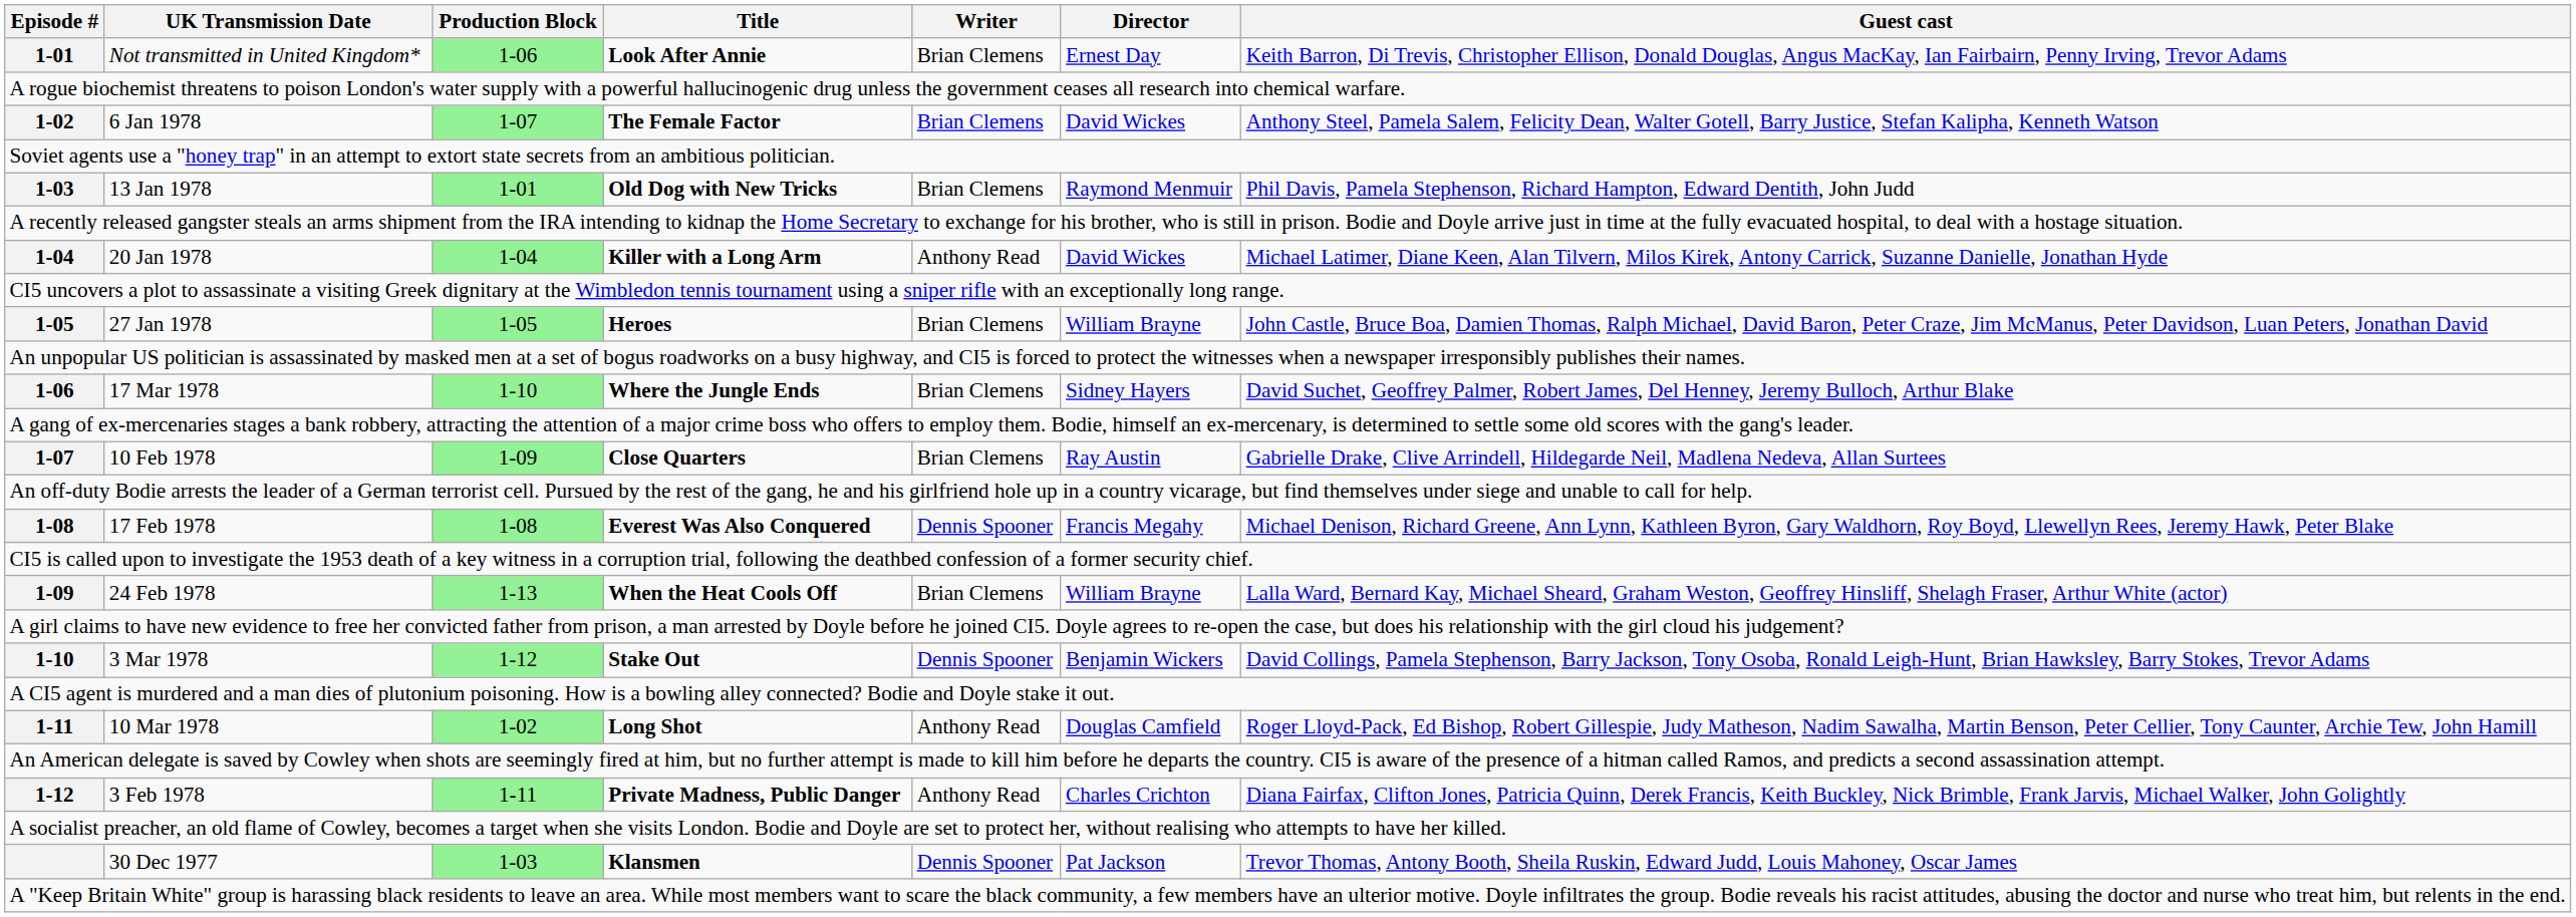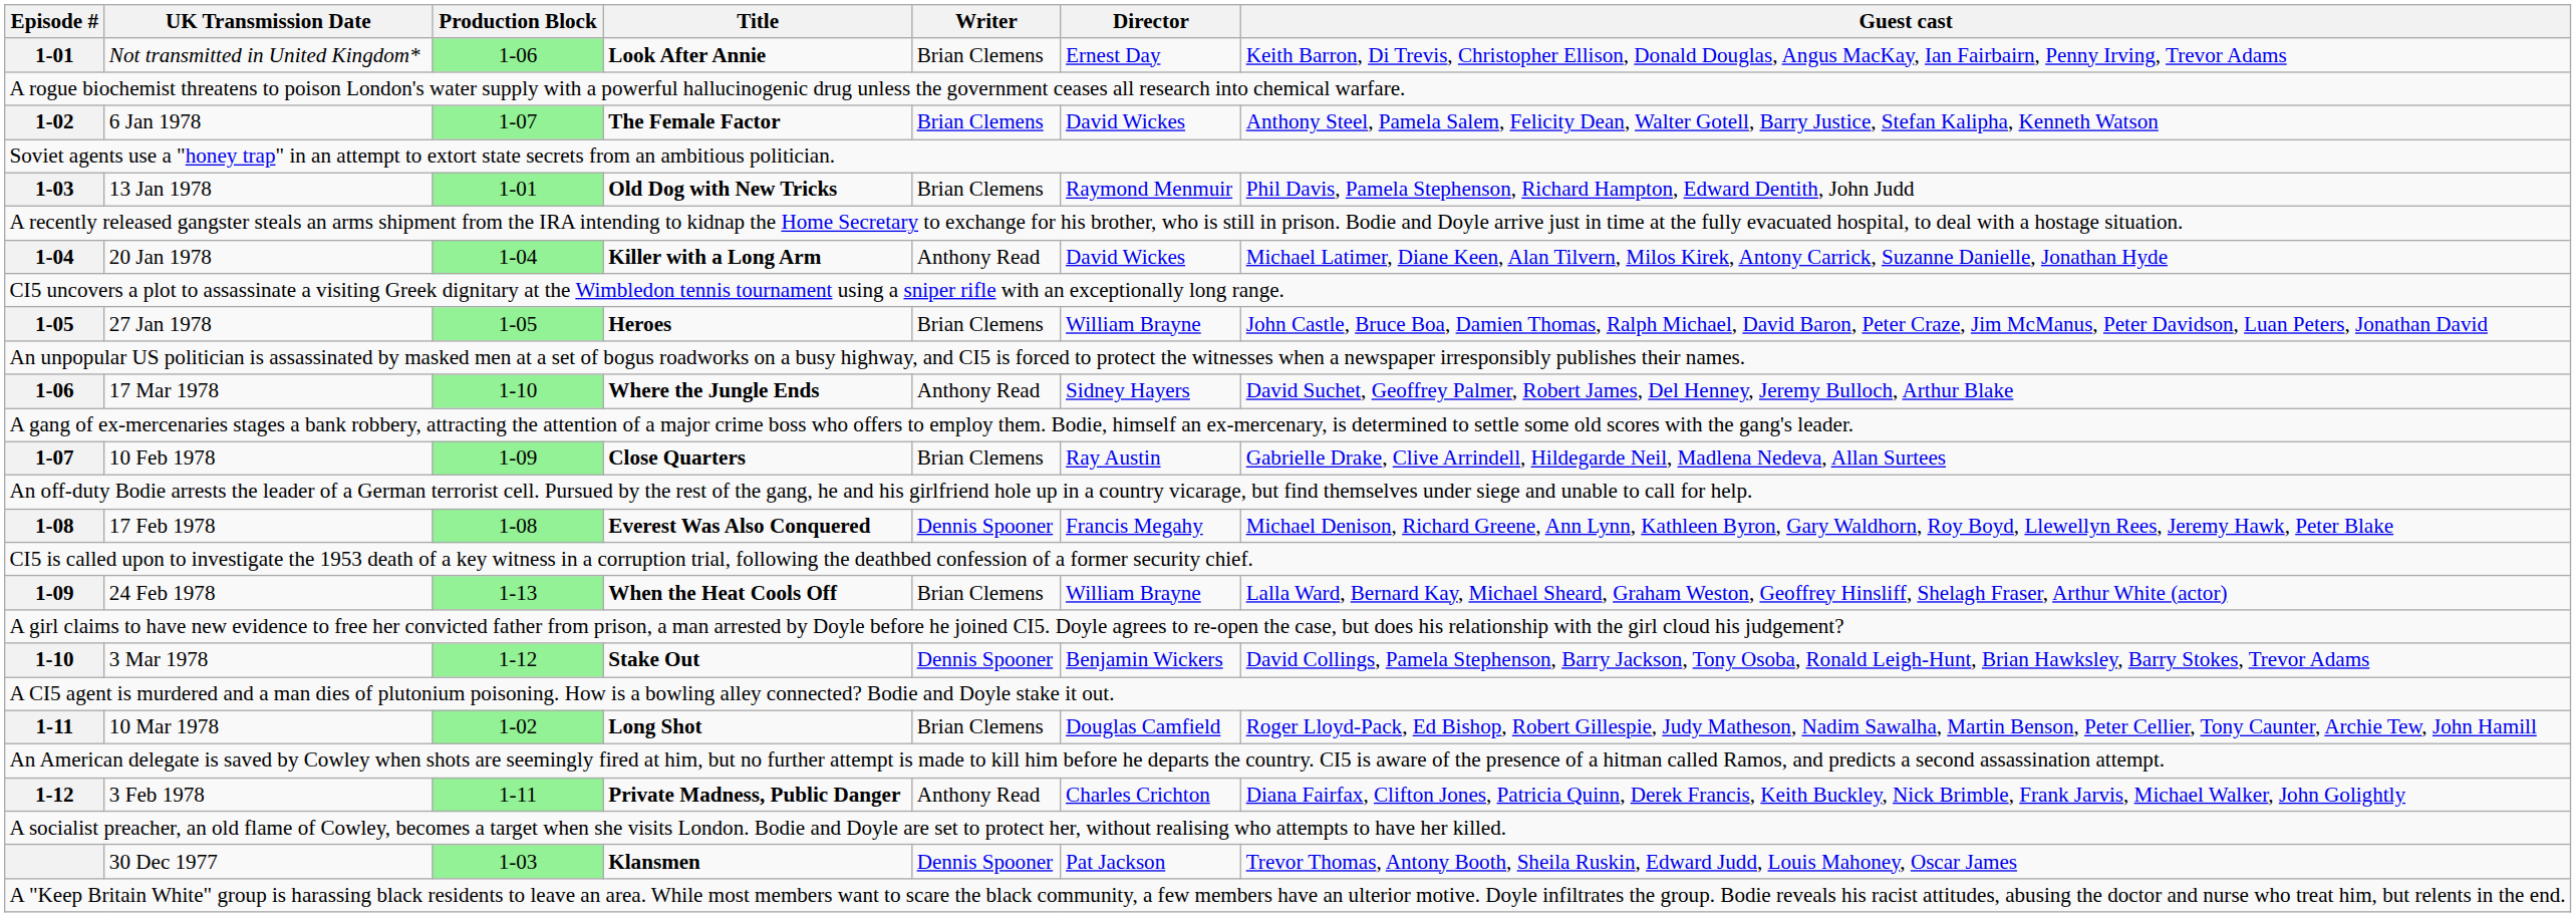 <table class="wikitable">
 <tr>
 <th>Episode #</th>
 <th>UK Transmission Date</th>
 <th>Production Block</th>
 <th>Title</th>
 <th>Writer</th>
 <th>Director</th>
 <th>Guest cast</th>
 </tr>
 <tr id="Private Madness, Public Danger"|ShortSummary=>
 <th style="text-align:center;">1-01</th>
 <td><em>Not transmitted in United Kingdom*</em></td>
 <td style="background: #92F295; text-align:center;">1-06</td>
 <td><strong>Look After Annie</strong></td>
 <td>Brian Clemens</td>
 <td><a href='#'>Ernest Day</a></td>
 <td><a href='#'>Keith Barron</a>, <a href='#'>Di Trevis</a>, <a href='#'>Christopher Ellison</a>, <a href='#'>Donald Douglas</a>, <a href='#'>Angus MacKay</a>, <a href='#'>Ian Fairbairn</a>, <a href='#'>Penny Irving</a>, <a href='#'>Trevor Adams</a></td>
 </tr>
 <tr>
 <td colspan=7>A rogue biochemist threatens to poison London's water supply with a powerful hallucinogenic drug unless the government ceases all research into chemical warfare.</td>
 </tr>
 <tr id="The Female Factor">
 <th style="text-align:center;">1-02</th>
 <td>6 Jan 1978</td>
 <td style="background: #92F295; text-align:center;">1-07</td>
 <td><strong>The Female Factor</strong></td>
 <td><a href='#'>Brian Clemens</a></td>
 <td><a href='#'>David Wickes</a></td>
 <td><a href='#'>Anthony Steel</a>, <a href='#'>Pamela Salem</a>, <a href='#'>Felicity Dean</a>, <a href='#'>Walter Gotell</a>, <a href='#'>Barry Justice</a>, <a href='#'>Stefan Kalipha</a>, <a href='#'>Kenneth Watson</a></td>
 </tr>
 <tr>
 <td colspan=7>Soviet agents use a "<a href='#'>honey trap</a>" in an attempt to extort state secrets from an ambitious politician.</td>
 </tr>
 <tr id="Old Dog with New Tricks">
 <th style="text-align:center;">1-03</th>
 <td>13 Jan 1978</td>
 <td style="background: #92F295; text-align:center;">1-01</td>
 <td><strong>Old Dog with New Tricks</strong></td>
 <td>Brian Clemens</td>
 <td><a href='#'>Raymond Menmuir</a></td>
 <td><a href='#'>Phil Davis</a>, <a href='#'>Pamela Stephenson</a>, <a href='#'>Richard Hampton</a>, <a href='#'>Edward Dentith</a>, John Judd</td>
 </tr>
 <tr>
 <td colspan=7>A recently released gangster steals an arms shipment from the IRA intending to kidnap the <a href='#'>Home Secretary</a> to exchange for his brother, who is still in prison. Bodie and Doyle arrive just in time at the fully evacuated hospital, to deal with a hostage situation.</td>
 </tr>
 <tr id="Killer with a Long Arm">
 <th style="text-align:center;">1-04</th>
 <td>20 Jan 1978</td>
 <td style="background: #92F295; text-align:center;">1-04</td>
 <td><strong>Killer with a Long Arm</strong></td>
 <td>Anthony Read</td>
 <td><a href='#'>David Wickes</a></td>
 <td><a href='#'>Michael Latimer</a>, <a href='#'>Diane Keen</a>, <a href='#'>Alan Tilvern</a>, <a href='#'>Milos Kirek</a>, <a href='#'>Antony Carrick</a>, <a href='#'>Suzanne Danielle</a>, <a href='#'>Jonathan Hyde</a></td>
 </tr>
 <tr>
 <td colspan=7>CI5 uncovers a plot to assassinate a visiting Greek dignitary at the <a href='#'>Wimbledon tennis tournament</a> using a <a href='#'>sniper rifle</a> with an exceptionally long range.</td>
 </tr>
 <tr id="Heroes">
 <th style="text-align:center;">1-05</th>
 <td>27 Jan 1978</td>
 <td style="background: #92F295; text-align:center;">1-05</td>
 <td><strong>Heroes</strong></td>
 <td>Brian Clemens</td>
 <td><a href='#'>William Brayne</a></td>
 <td><a href='#'>John Castle</a>, <a href='#'>Bruce Boa</a>, <a href='#'>Damien Thomas</a>, <a href='#'>Ralph Michael</a>, <a href='#'>David Baron</a>, <a href='#'>Peter Craze</a>, <a href='#'>Jim McManus</a>, <a href='#'>Peter Davidson</a>, <a href='#'>Luan Peters</a>, <a href='#'>Jonathan David</a></td>
 </tr>
 <tr>
 <td colspan=7>An unpopular US politician is assassinated by masked men at a set of bogus roadworks on a busy highway, and CI5 is forced to protect the witnesses when a newspaper irresponsibly publishes their names.</td>
 </tr>
 <tr id="Where the Jungle Ends">
 <th style="text-align:center;">1-06</th>
 <td>17 Mar 1978</td>
 <td style="background: #92F295; text-align:center;">1-10</td>
 <td><strong>Where the Jungle Ends</strong></td>
-<td>Brian Clemens</td>
+<td>Anthony Read</td>
 <td><a href='#'>Sidney Hayers</a></td>
 <td><a href='#'>David Suchet</a>, <a href='#'>Geoffrey Palmer</a>, <a href='#'>Robert James</a>, <a href='#'>Del Henney</a>, <a href='#'>Jeremy Bulloch</a>, <a href='#'>Arthur Blake</a></td>
 </tr>
 <tr>
 <td colspan=7>A gang of ex-mercenaries stages a bank robbery, attracting the attention of a major crime boss who offers to employ them. Bodie, himself an ex-mercenary, is determined to settle some old scores with the gang's leader.</td>
 </tr>
 <tr id="Close Quarters">
 <th style="text-align:center;">1-07</th>
 <td>10 Feb 1978</td>
 <td style="background: #92F295; text-align:center;">1-09</td>
 <td><strong>Close Quarters</strong></td>
 <td>Brian Clemens</td>
 <td><a href='#'>Ray Austin</a></td>
 <td><a href='#'>Gabrielle Drake</a>, <a href='#'>Clive Arrindell</a>, <a href='#'>Hildegarde Neil</a>, <a href='#'>Madlena Nedeva</a>, <a href='#'>Allan Surtees</a></td>
 </tr>
 <tr>
 <td colspan=7>An off-duty Bodie arrests the leader of a German terrorist cell. Pursued by the rest of the gang, he and his girlfriend hole up in a country vicarage, but find themselves under siege and unable to call for help.</td>
 </tr>
 <tr id="Everest Was Also Conquered">
 <th style="text-align:center;">1-08</th>
 <td>17 Feb 1978</td>
 <td style="background: #92F295; text-align:center;">1-08</td>
 <td><strong>Everest Was Also Conquered</strong></td>
 <td><a href='#'>Dennis Spooner</a></td>
 <td><a href='#'>Francis Megahy</a></td>
 <td><a href='#'>Michael Denison</a>, <a href='#'>Richard Greene</a>, <a href='#'>Ann Lynn</a>, <a href='#'>Kathleen Byron</a>, <a href='#'>Gary Waldhorn</a>, <a href='#'>Roy Boyd</a>, <a href='#'>Llewellyn Rees</a>, <a href='#'>Jeremy Hawk</a>, <a href='#'>Peter Blake</a></td>
 </tr>
 <tr>
 <td colspan=7>CI5 is called upon to investigate the 1953 death of a key witness in a corruption trial, following the deathbed confession of a former security chief.</td>
 </tr>
 <tr id="When the Heat Cools Off">
 <th style="text-align:center;">1-09</th>
 <td>24 Feb 1978</td>
 <td style="background: #92F295; text-align:center;">1-13</td>
 <td><strong>When the Heat Cools Off</strong></td>
 <td>Brian Clemens</td>
 <td><a href='#'>William Brayne</a></td>
 <td><a href='#'>Lalla Ward</a>, <a href='#'>Bernard Kay</a>, <a href='#'>Michael Sheard</a>, <a href='#'>Graham Weston</a>, <a href='#'>Geoffrey Hinsliff</a>, <a href='#'>Shelagh Fraser</a>, <a href='#'>Arthur White (actor)</a></td>
 </tr>
 <tr>
 <td colspan=7>A girl claims to have new evidence to free her convicted father from prison, a man arrested by Doyle before he joined CI5. Doyle agrees to re-open the case, but does his relationship with the girl cloud his judgement?</td>
 </tr>
 <tr id="Stake Out">
 <th style="text-align:center;">1-10</th>
 <td>3 Mar 1978</td>
 <td style="background: #92F295; text-align:center;">1-12</td>
 <td><strong>Stake Out</strong></td>
 <td><a href='#'>Dennis Spooner</a></td>
 <td><a href='#'>Benjamin Wickers</a></td>
 <td><a href='#'>David Collings</a>, <a href='#'>Pamela Stephenson</a>, <a href='#'>Barry Jackson</a>, <a href='#'>Tony Osoba</a>, <a href='#'>Ronald Leigh-Hunt</a>, <a href='#'>Brian Hawksley</a>, <a href='#'>Barry Stokes</a>, <a href='#'>Trevor Adams</a></td>
 </tr>
 <tr>
 <td colspan=7>A CI5 agent is murdered and a man dies of plutonium poisoning. How is a bowling alley connected? Bodie and Doyle stake it out.</td>
 </tr>
 <tr id="Long Shot">
 <th style="text-align:center;">1-11</th>
 <td>10 Mar 1978</td>
 <td style="background: #92F295; text-align:center;">1-02</td>
 <td><strong>Long Shot</strong></td>
-<td>Anthony Read</td>
+<td>Brian Clemens</td>
 <td><a href='#'>Douglas Camfield</a></td>
 <td><a href='#'>Roger Lloyd-Pack</a>, <a href='#'>Ed Bishop</a>, <a href='#'>Robert Gillespie</a>, <a href='#'>Judy Matheson</a>, <a href='#'>Nadim Sawalha</a>, <a href='#'>Martin Benson</a>, <a href='#'>Peter Cellier</a>, <a href='#'>Tony Caunter</a>, <a href='#'>Archie Tew</a>, <a href='#'>John Hamill</a></td>
 </tr>
 <tr>
 <td colspan=7>An American delegate is saved by Cowley when shots are seemingly fired at him, but no further attempt is made to kill him before he departs the country. CI5 is aware of the presence of a hitman called Ramos, and predicts a second assassination attempt.</td>
 </tr>
 <tr id="Look After Annie">
 <th style="text-align:center;">1-12</th>
 <td>3 Feb 1978</td>
 <td style="background: #92F295; text-align:center;">1-11</td>
 <td><strong>Private Madness, Public Danger</strong></td>
 <td>Anthony Read</td>
 <td><a href='#'>Charles Crichton</a></td>
 <td><a href='#'>Diana Fairfax</a>, <a href='#'>Clifton Jones</a>, <a href='#'>Patricia Quinn</a>, <a href='#'>Derek Francis</a>, <a href='#'>Keith Buckley</a>, <a href='#'>Nick Brimble</a>, <a href='#'>Frank Jarvis</a>, <a href='#'>Michael Walker</a>, <a href='#'>John Golightly</a></td>
 </tr>
 <tr>
 <td colspan=7>A socialist preacher, an old flame of Cowley, becomes a target when she visits London. Bodie and Doyle are set to protect her, without realising who attempts to have her killed.</td>
 </tr>
 <tr id="Klansmen">
 <th style="text-align:center;"></th>
 <td>30 Dec 1977</td>
 <td style="background: #92F295; text-align:center;">1-03</td>
 <td><strong>Klansmen</strong></td>
 <td><a href='#'>Dennis Spooner</a></td>
 <td><a href='#'>Pat Jackson</a></td>
 <td><a href='#'>Trevor Thomas</a>, <a href='#'>Antony Booth</a>, <a href='#'>Sheila Ruskin</a>, <a href='#'>Edward Judd</a>, <a href='#'>Louis Mahoney</a>, <a href='#'>Oscar James</a></td>
 </tr>
 <tr>
 <td colspan=7>A "Keep Britain White" group is harassing black residents to leave an area. While most members want to scare the black community, a few members have an ulterior motive. Doyle infiltrates the group. Bodie reveals his racist attitudes, abusing the doctor and nurse who treat him, but relents in the end.</td>
 </tr>
 </table>
